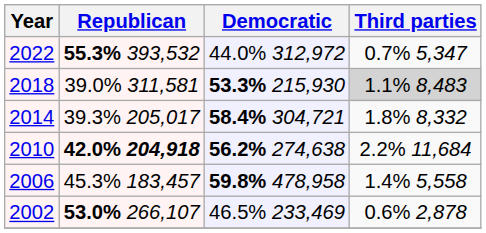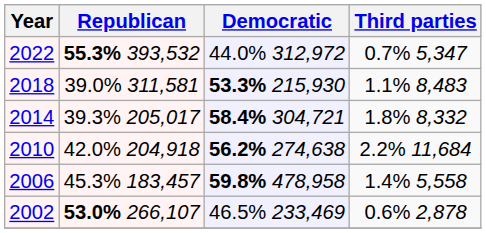 <table class="wikitable" style="font-size:95%;">
 <tr bgcolor=lightgrey>
 <th>Year</th>
 <th><a href='#'>Republican</a></th>
 <th><a href='#'>Democratic</a></th>
 <th><a href='#'>Third parties</a></th>
 </tr>
 <tr>
 <td align="center" bgcolor="#fff3f3"><a href='#'>2022</a></td>
 <td align="center" bgcolor="#fff3f3"><strong>55.3%</strong> <em>393,532</em></td>
 <td align="center" bgcolor="#f0f0ff">44.0% <em>312,972</em></td>
 <td align="center">0.7% <em>5,347</em></td>
 </tr>
 <tr>
 <td align="center" bgcolor="#fff3f3"><a href='#'>2018</a></td>
 <td align="center" bgcolor="#fff3f3">39.0% <em>311,581</em></td>
 <td align="center" bgcolor="#f0f0ff"><strong>53.3%</strong> <em>215,930</em></td>
-<td align="center" style="background: lightgrey;">1.1% <em>8,483</em></td>
+<td align="center">1.1% <em>8,483</em></td>
 </tr>
 <tr>
 <td align="center" bgcolor="#fff3f3"><a href='#'>2014</a></td>
 <td align="center" bgcolor="#fff3f3">39.3% <em>205,017</em></td>
 <td align="center" bgcolor="#f0f0ff"><strong>58.4%</strong> <em>304,721</em></td>
 <td align="center">1.8% <em>8,332</em></td>
 </tr>
 <tr>
 <td align="center" bgcolor="#fff3f3"><a href='#'>2010</a></td>
-<td align="center" bgcolor="#fff3f3"><strong>42.0% <em>204,918</em></strong></td>
+<td align="center" bgcolor="#fff3f3">42.0% <em>204,918</em></td>
 <td align="center" bgcolor="#f0f0ff"><strong>56.2%</strong> <em>274,638</em></td>
 <td align="center">2.2% <em>11,684</em></td>
 </tr>
 <tr>
 <td align="center" bgcolor="#fff3f3"><a href='#'>2006</a></td>
 <td align="center" bgcolor="#fff3f3">45.3% <em>183,457</em></td>
 <td align="center" bgcolor="#f0f0ff"><strong>59.8%</strong> <em>478,958</em></td>
 <td align="center">1.4% <em>5,558</em></td>
 </tr>
 <tr>
 <td align="center" bgcolor="#fff3f3"><a href='#'>2002</a></td>
 <td align="center" bgcolor="#fff3f3"><strong>53.0%</strong> <em>266,107	</em></td>
 <td align="center" bgcolor="#f0f0ff">46.5% <em>233,469</em></td>
 <td align="center">0.6% <em>2,878</em></td>
 </tr>
 <tr>
 </tr>
 </table>
